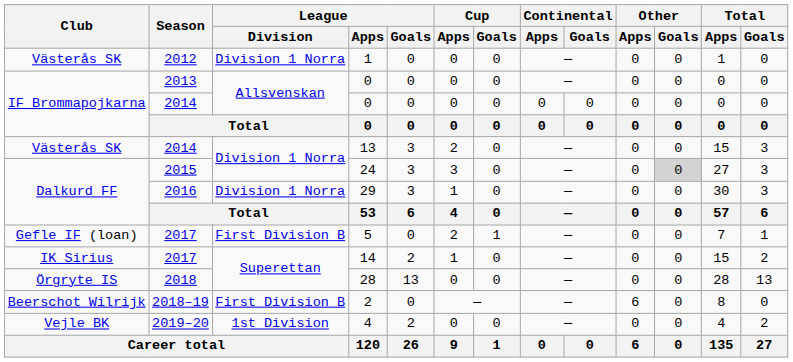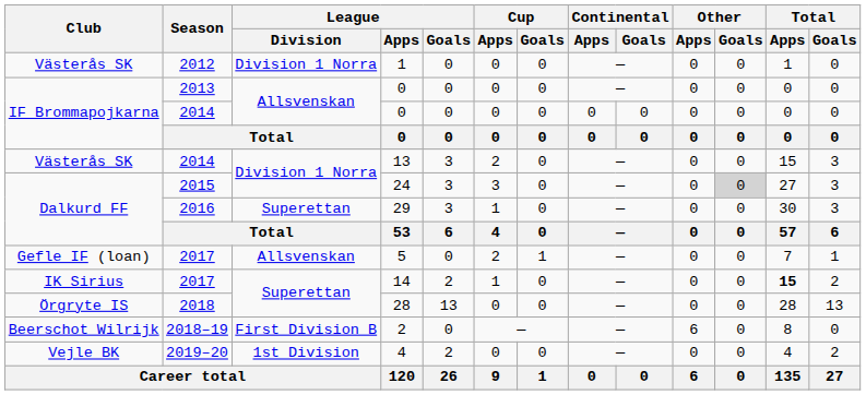 <table class="wikitable" style="text-align:center">
 <tr>
 <th rowspan="2">Club</th>
 <th rowspan="2">Season</th>
 <th colspan="3">League</th>
 <th colspan="2">Cup</th>
 <th colspan="2">Continental</th>
 <th colspan="2">Other</th>
 <th colspan="2">Total</th>
 </tr>
 <tr>
 <th>Division</th>
 <th>Apps</th>
 <th>Goals</th>
 <th>Apps</th>
 <th>Goals</th>
 <th>Apps</th>
 <th>Goals</th>
 <th>Apps</th>
 <th>Goals</th>
 <th>Apps</th>
 <th>Goals</th>
 </tr>
 <tr>
 <td rowspan="1"><a href='#'>Västerås SK</a></td>
 <td><a href='#'>2012</a></td>
 <td rowspan="1"><a href='#'>Division 1 Norra</a></td>
 <td>1</td>
 <td>0</td>
 <td>0</td>
 <td>0</td>
 <td colspan="2">—</td>
 <td>0</td>
 <td>0</td>
 <td>1</td>
 <td>0</td>
 </tr>
 <tr>
 <td rowspan="3"><a href='#'>IF Brommapojkarna</a></td>
 <td><a href='#'>2013</a></td>
 <td rowspan="2"><a href='#'>Allsvenskan</a></td>
 <td>0</td>
 <td>0</td>
 <td>0</td>
 <td>0</td>
 <td colspan="2">—</td>
 <td>0</td>
 <td>0</td>
 <td>0</td>
 <td>0</td>
 </tr>
 <tr>
 <td><a href='#'>2014</a></td>
 <td>0</td>
 <td>0</td>
 <td>0</td>
 <td>0</td>
 <td>0</td>
 <td>0</td>
 <td>0</td>
 <td>0</td>
 <td>0</td>
 <td>0</td>
 </tr>
 <tr>
 <th colspan="2">Total</th>
 <th>0</th>
 <th>0</th>
 <th>0</th>
 <th>0</th>
 <th>0</th>
 <th>0</th>
 <th>0</th>
 <th>0</th>
 <th>0</th>
 <th>0</th>
 </tr>
 <tr>
 <td rowspan="1"><a href='#'>Västerås SK</a></td>
 <td><a href='#'>2014</a></td>
 <td rowspan="2"><a href='#'>Division 1 Norra</a></td>
 <td>13</td>
 <td>3</td>
 <td>2</td>
 <td>0</td>
 <td colspan="2">—</td>
 <td>0</td>
 <td>0</td>
 <td>15</td>
 <td>3</td>
 </tr>
 <tr>
 <td rowspan="3"><a href='#'>Dalkurd FF</a></td>
 <td><a href='#'>2015</a></td>
 <td>24</td>
 <td>3</td>
 <td>3</td>
 <td>0</td>
 <td colspan="2">—</td>
 <td>0</td>
 <td style="background: lightgrey;">0</td>
 <td>27</td>
 <td>3</td>
 </tr>
 <tr>
 <td><a href='#'>2016</a></td>
-<td rowspan="1"><a href='#'>Division 1 Norra</a></td>
+<td rowspan="1"><a href='#'>Superettan</a></td>
 <td>29</td>
 <td>3</td>
 <td>1</td>
 <td>0</td>
 <td colspan="2">—</td>
 <td>0</td>
 <td>0</td>
 <td>30</td>
 <td>3</td>
 </tr>
 <tr>
 <th colspan="2">Total</th>
 <th>53</th>
 <th>6</th>
 <th>4</th>
 <th>0</th>
 <th colspan="2">—</th>
 <th>0</th>
 <th>0</th>
 <th>57</th>
 <th>6</th>
 </tr>
 <tr>
 <td rowspan="1"><a href='#'>Gefle IF</a> (loan)</td>
 <td><a href='#'>2017</a></td>
-<td rowspan="1"><a href='#'>First Division B</a></td>
+<td rowspan="1"><a href='#'>Allsvenskan</a></td>
 <td>5</td>
 <td>0</td>
 <td>2</td>
 <td>1</td>
 <td colspan="2">—</td>
 <td>0</td>
 <td>0</td>
 <td>7</td>
 <td>1</td>
 </tr>
 <tr>
 <td rowspan="1"><a href='#'>IK Sirius</a></td>
 <td><a href='#'>2017</a></td>
 <td rowspan="2"><a href='#'>Superettan</a></td>
 <td>14</td>
 <td>2</td>
 <td>1</td>
 <td>0</td>
 <td colspan="2">—</td>
 <td>0</td>
 <td>0</td>
-<td>15</td>
+<td><strong>15</strong></td>
 <td>2</td>
 </tr>
 <tr>
 <td rowspan="1"><a href='#'>Örgryte IS</a></td>
 <td><a href='#'>2018</a></td>
 <td>28</td>
 <td>13</td>
 <td>0</td>
 <td>0</td>
 <td colspan="2">—</td>
 <td>0</td>
 <td>0</td>
 <td>28</td>
 <td>13</td>
 </tr>
 <tr>
 <td rowspan="1"><a href='#'>Beerschot Wilrijk</a></td>
 <td><a href='#'>2018–19</a></td>
 <td rowspan="1"><a href='#'>First Division B</a></td>
 <td>2</td>
 <td>0</td>
 <td colspan="2">—</td>
 <td colspan="2">—</td>
 <td>6</td>
 <td>0</td>
 <td>8</td>
 <td>0</td>
 </tr>
 <tr>
 <td rowspan="1"><a href='#'>Vejle BK</a></td>
 <td><a href='#'>2019–20</a></td>
 <td rowspan="1"><a href='#'>1st Division</a></td>
 <td>4</td>
 <td>2</td>
 <td>0</td>
 <td>0</td>
 <td colspan="2">—</td>
 <td>0</td>
 <td>0</td>
 <td>4</td>
 <td>2</td>
 </tr>
 <tr>
 <th colspan="3">Career total</th>
 <th>120</th>
 <th>26</th>
 <th>9</th>
 <th>1</th>
 <th>0</th>
 <th>0</th>
 <th>6</th>
 <th>0</th>
 <th>135</th>
 <th>27</th>
 </tr>
 </table>
